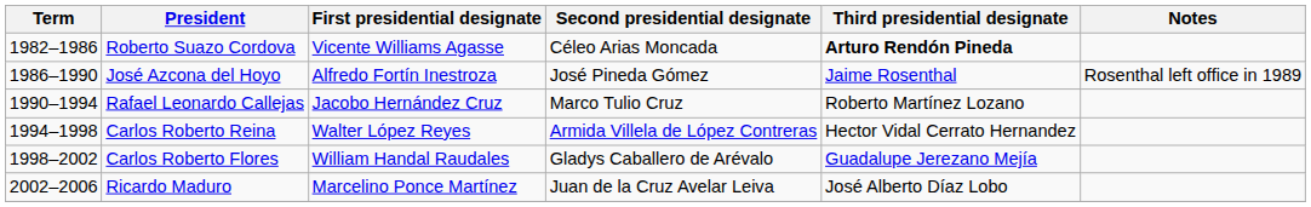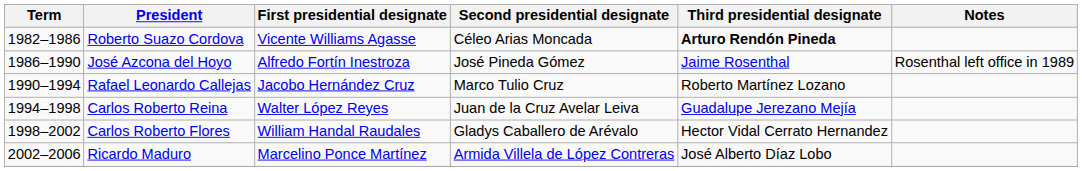 <table class="wikitable">
 <tr>
 <th>Term</th>
 <th><a href='#'>President</a></th>
 <th>First presidential designate</th>
 <th>Second presidential designate</th>
 <th>Third presidential designate</th>
 <th>Notes</th>
 </tr>
 <tr>
 <td>1982–1986</td>
 <td><a href='#'>Roberto Suazo Cordova</a></td>
 <td><a href='#'>Vicente Williams Agasse</a></td>
 <td>Céleo Arias Moncada</td>
 <td><strong>Arturo Rendón Pineda</strong></td>
 <td></td>
 </tr>
 <tr>
 <td>1986–1990</td>
 <td><a href='#'>José Azcona del Hoyo</a></td>
 <td><a href='#'>Alfredo Fortín Inestroza</a></td>
 <td>José Pineda Gómez</td>
 <td><a href='#'>Jaime Rosenthal</a></td>
 <td>Rosenthal left office in 1989</td>
 </tr>
 <tr>
 <td>1990–1994</td>
 <td><a href='#'>Rafael Leonardo Callejas</a></td>
 <td><a href='#'>Jacobo Hernández Cruz</a></td>
 <td>Marco Tulio Cruz</td>
 <td>Roberto Martínez Lozano</td>
 <td></td>
 </tr>
 <tr>
 <td>1994–1998</td>
 <td><a href='#'>Carlos Roberto Reina</a></td>
 <td><a href='#'>Walter López Reyes</a></td>
-<td><a href='#'>Armida Villela de López Contreras</a></td>
-<td>Hector Vidal Cerrato Hernandez</td>
+<td>Juan de la Cruz Avelar Leiva</td>
+<td><a href='#'>Guadalupe Jerezano Mejía</a></td>
 <td></td>
 </tr>
 <tr>
 <td>1998–2002</td>
 <td><a href='#'>Carlos Roberto Flores</a></td>
 <td><a href='#'>William Handal Raudales</a></td>
 <td>Gladys Caballero de Arévalo</td>
-<td><a href='#'>Guadalupe Jerezano Mejía</a></td>
+<td>Hector Vidal Cerrato Hernandez</td>
 <td></td>
 </tr>
 <tr>
 <td>2002–2006</td>
 <td><a href='#'>Ricardo Maduro</a></td>
 <td><a href='#'>Marcelino Ponce Martínez</a></td>
-<td>Juan de la Cruz Avelar Leiva</td>
+<td><a href='#'>Armida Villela de López Contreras</a></td>
 <td>José Alberto Díaz Lobo</td>
 <td></td>
 </tr>
 <tr>
 </tr>
 </table>
